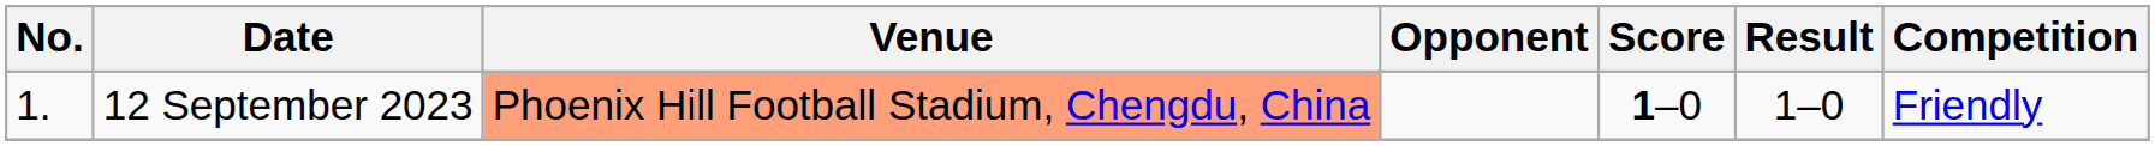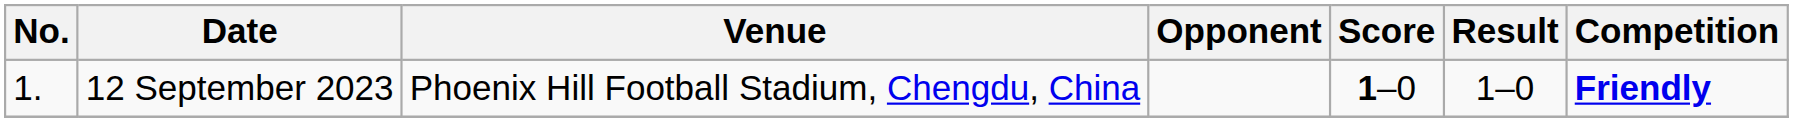 <table class="wikitable">
 <tr>
 <th>No.</th>
 <th>Date</th>
 <th>Venue</th>
 <th>Opponent</th>
 <th>Score</th>
 <th>Result</th>
 <th>Competition</th>
 </tr>
 <tr>
 <td>1.</td>
 <td>12 September 2023</td>
-<td style="background: lightsalmon;">Phoenix Hill Football Stadium, <a href='#'>Chengdu</a>, <a href='#'>China</a></td>
+<td>Phoenix Hill Football Stadium, <a href='#'>Chengdu</a>, <a href='#'>China</a></td>
 <td></td>
 <td align=center><strong>1</strong>–0</td>
 <td align=center>1–0</td>
-<td><a href='#'>Friendly</a></td>
+<td><strong><a href='#'>Friendly</a></strong></td>
 </tr>
 <tr>
 </tr>
 </table>
